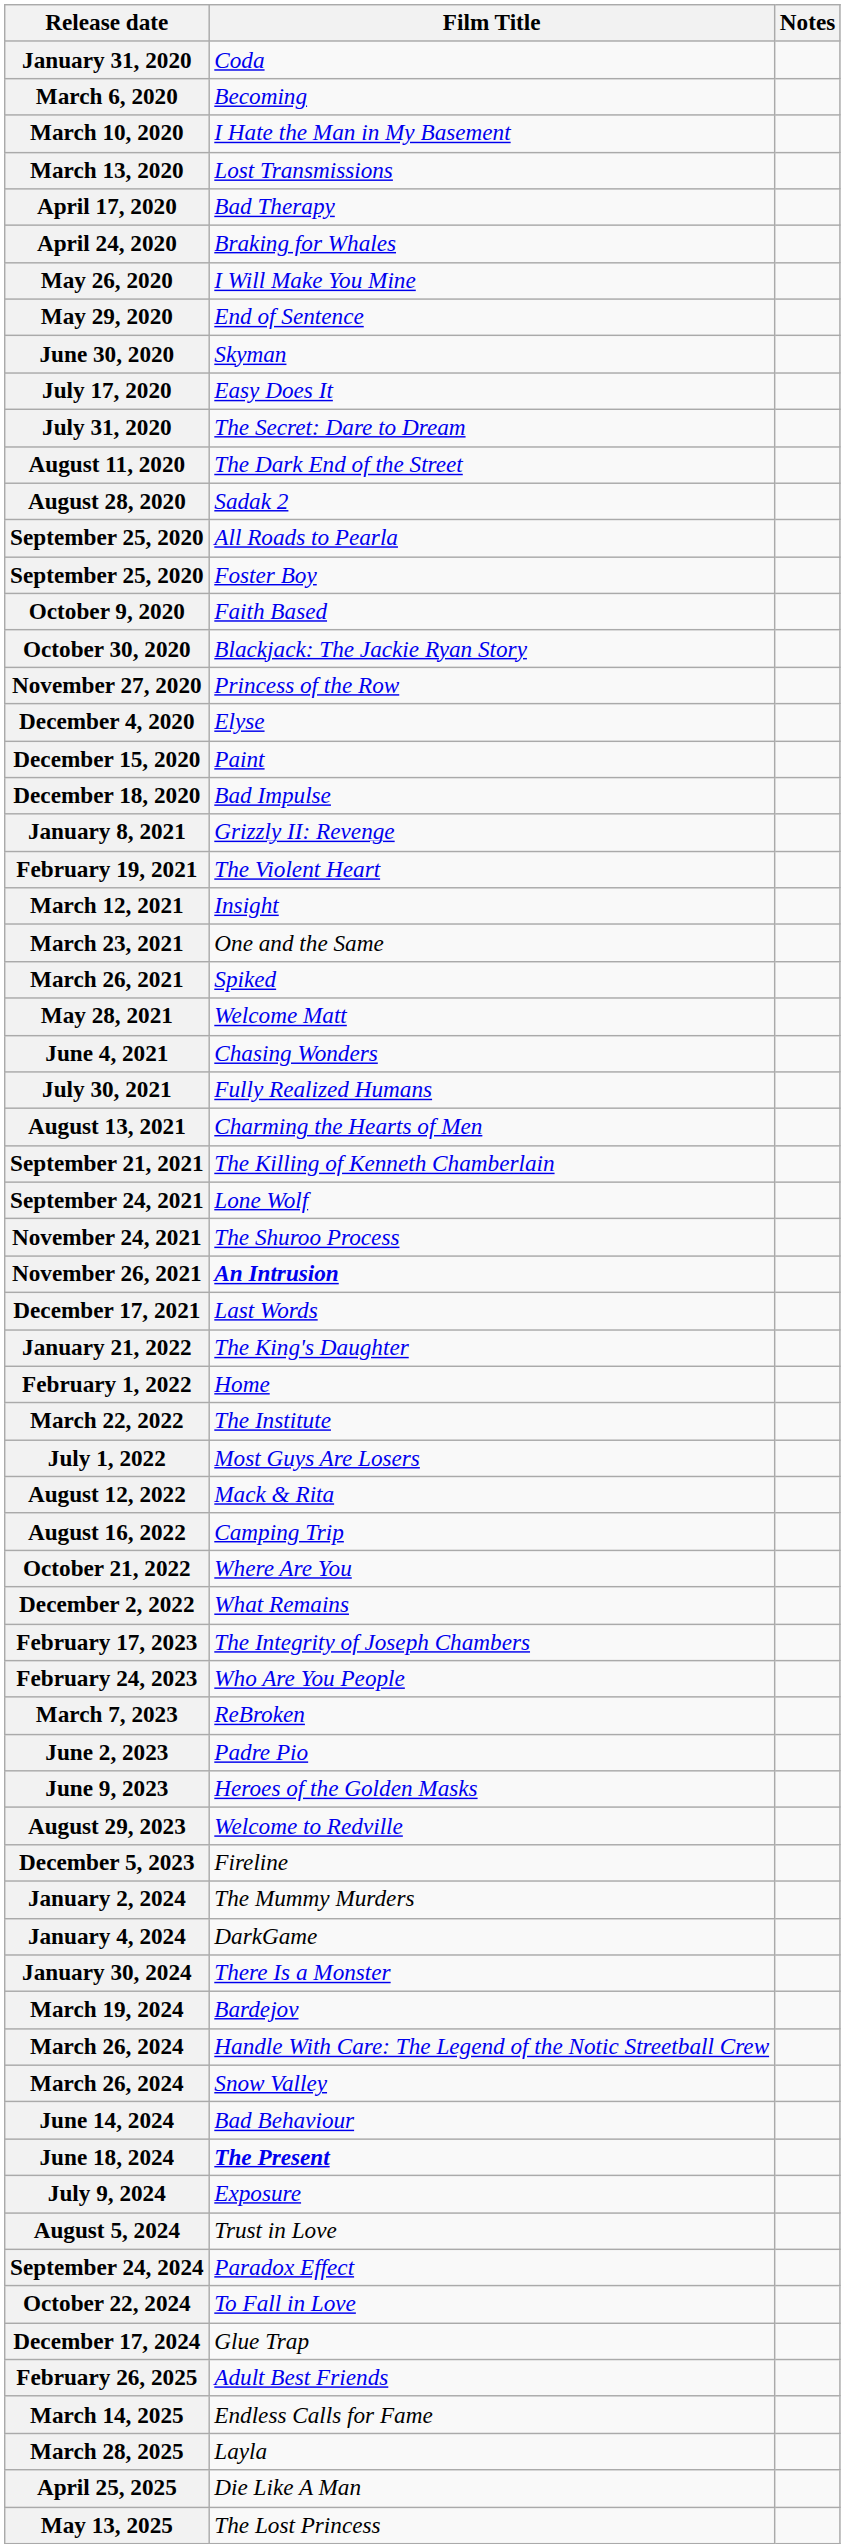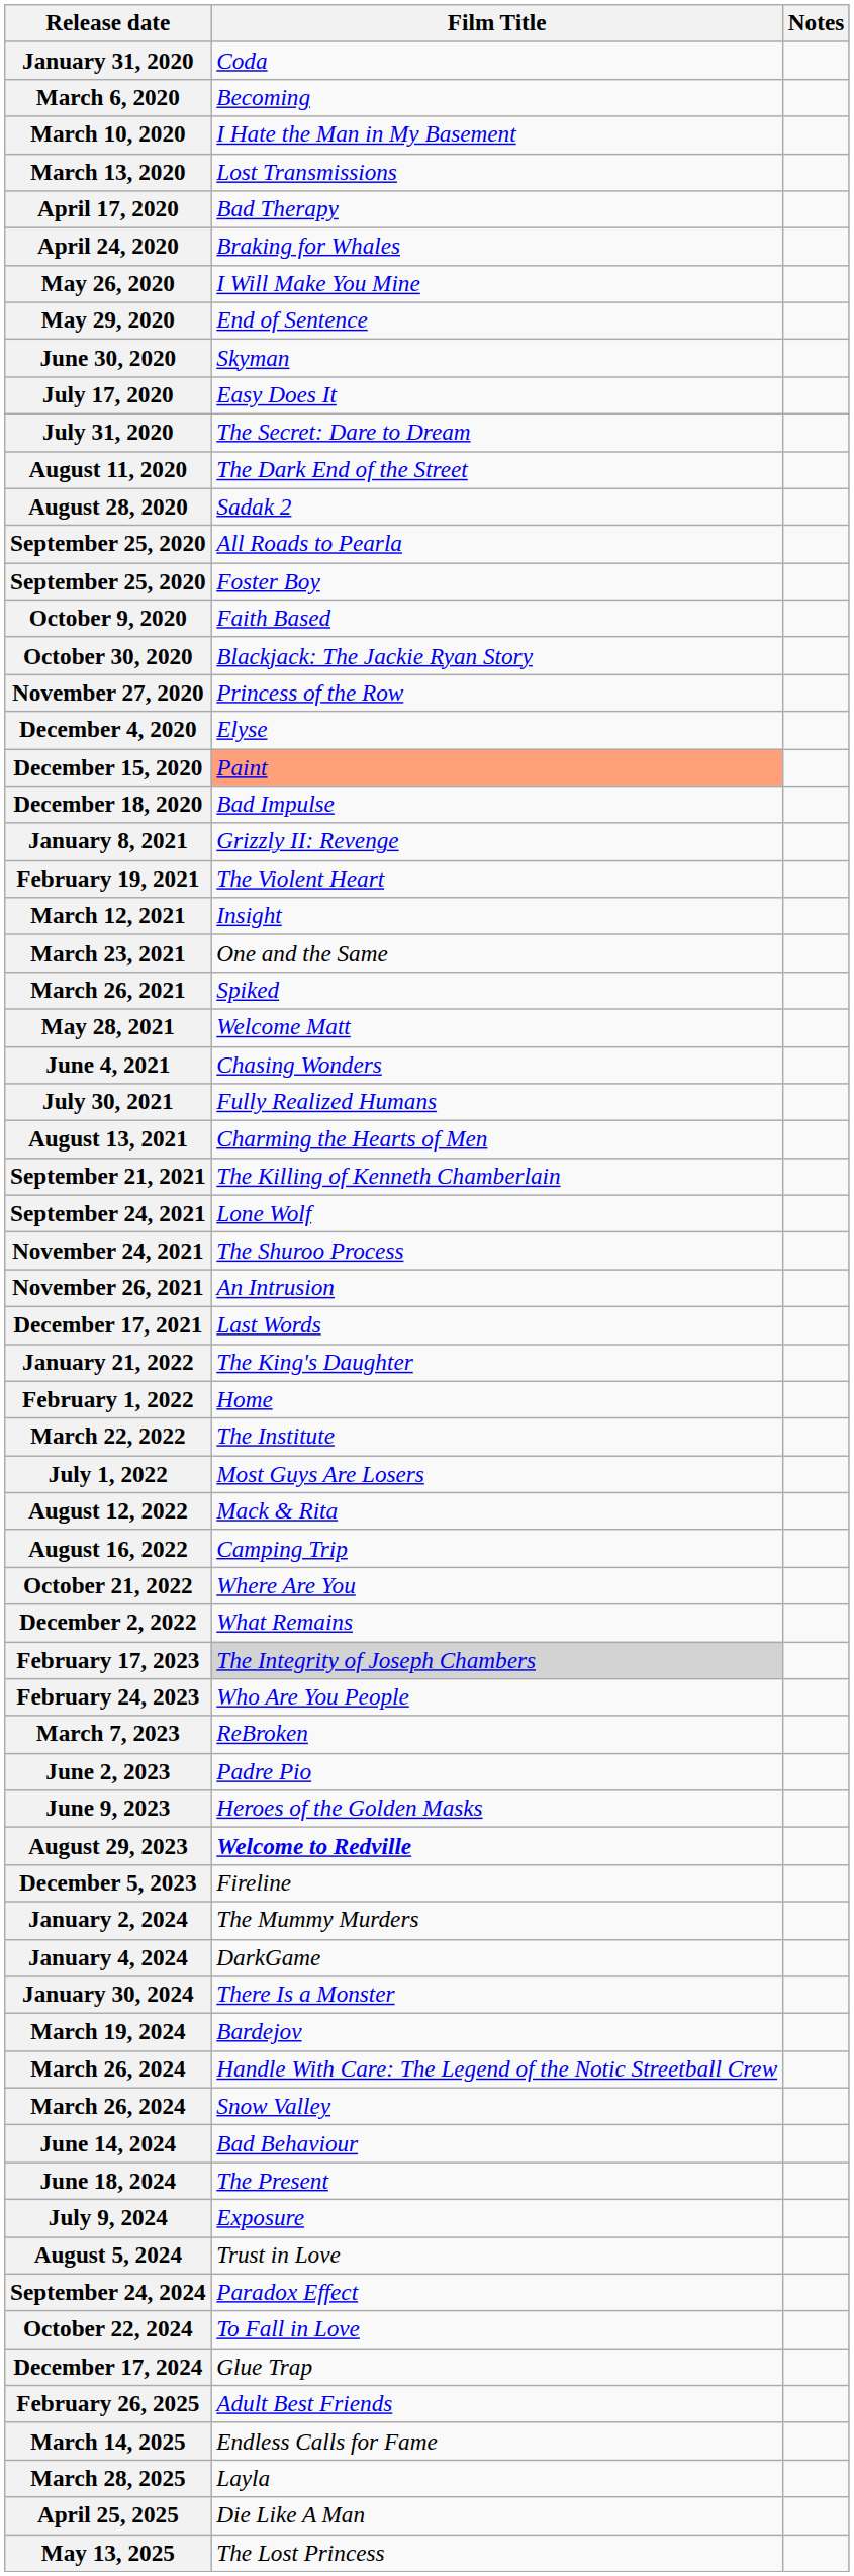 <table class="wikitable sortable">
 <tr>
 <th>Release date</th>
 <th>Film Title</th>
 <th>Notes</th>
 </tr>
 <tr>
 <th>January 31, 2020</th>
 <td><em><a href='#'>Coda</a></em></td>
 <td></td>
 </tr>
 <tr>
 <th>March 6, 2020</th>
 <td><em><a href='#'>Becoming</a></em></td>
 <td></td>
 </tr>
 <tr>
 <th>March 10, 2020</th>
 <td><em><a href='#'>I Hate the Man in My Basement</a></em></td>
 <td></td>
 </tr>
 <tr>
 <th>March 13, 2020</th>
 <td><em><a href='#'>Lost Transmissions</a></em></td>
 <td></td>
 </tr>
 <tr>
 <th>April 17, 2020</th>
 <td><em><a href='#'>Bad Therapy</a></em></td>
 <td></td>
 </tr>
 <tr>
 <th>April 24, 2020</th>
 <td><em><a href='#'>Braking for Whales</a></em></td>
 <td></td>
 </tr>
 <tr>
 <th>May 26, 2020</th>
 <td><em><a href='#'>I Will Make You Mine</a></em></td>
 <td></td>
 </tr>
 <tr>
 <th>May 29, 2020</th>
 <td><em><a href='#'>End of Sentence</a></em></td>
 <td></td>
 </tr>
 <tr>
 <th>June 30, 2020</th>
 <td><em><a href='#'>Skyman</a></em></td>
 <td></td>
 </tr>
 <tr>
 <th>July 17, 2020</th>
 <td><em><a href='#'>Easy Does It</a></em></td>
 <td></td>
 </tr>
 <tr>
 <th>July 31, 2020</th>
 <td><em><a href='#'>The Secret: Dare to Dream</a></em></td>
 <td></td>
 </tr>
 <tr>
 <th>August 11, 2020</th>
 <td><em><a href='#'>The Dark End of the Street</a></em></td>
 <td></td>
 </tr>
 <tr>
 <th>August 28, 2020</th>
 <td><em><a href='#'>Sadak 2</a></em></td>
 <td></td>
 </tr>
 <tr>
 <th>September 25, 2020</th>
 <td><em><a href='#'>All Roads to Pearla</a></em></td>
 <td></td>
 </tr>
 <tr>
 <th>September 25, 2020</th>
 <td><em><a href='#'>Foster Boy</a></em></td>
 <td></td>
 </tr>
 <tr>
 <th>October 9, 2020</th>
 <td><em><a href='#'>Faith Based</a></em></td>
 <td></td>
 </tr>
 <tr>
 <th>October 30, 2020</th>
 <td><em><a href='#'>Blackjack: The Jackie Ryan Story</a></em></td>
 <td></td>
 </tr>
 <tr>
 <th>November 27, 2020</th>
 <td><em><a href='#'>Princess of the Row</a></em></td>
 <td></td>
 </tr>
 <tr>
 <th>December 4, 2020</th>
 <td><em><a href='#'>Elyse</a></em></td>
 <td></td>
 </tr>
 <tr>
 <th>December 15, 2020</th>
-<td><em><a href='#'>Paint</a></em></td>
+<td style="background: lightsalmon;"><em><a href='#'>Paint</a></em></td>
 <td></td>
 </tr>
 <tr>
 <th>December 18, 2020</th>
 <td><em><a href='#'>Bad Impulse</a></em></td>
 <td></td>
 </tr>
 <tr>
 <th>January 8, 2021</th>
 <td><em><a href='#'>Grizzly II: Revenge</a></em></td>
 <td></td>
 </tr>
 <tr>
 <th>February 19, 2021</th>
 <td><em><a href='#'>The Violent Heart</a></em></td>
 <td></td>
 </tr>
 <tr>
 <th>March 12, 2021</th>
 <td><em><a href='#'>Insight</a></em></td>
 <td></td>
 </tr>
 <tr>
 <th>March 23, 2021</th>
 <td><em>One and the Same</em></td>
 <td></td>
 </tr>
 <tr>
 <th>March 26, 2021</th>
 <td><em><a href='#'>Spiked</a></em></td>
 <td></td>
 </tr>
 <tr>
 <th>May 28, 2021</th>
 <td><em><a href='#'>Welcome Matt</a></em></td>
 <td></td>
 </tr>
 <tr>
 <th>June 4, 2021</th>
 <td><em><a href='#'>Chasing Wonders</a></em></td>
 <td></td>
 </tr>
 <tr>
 <th>July 30, 2021</th>
 <td><em><a href='#'>Fully Realized Humans</a></em></td>
 <td></td>
 </tr>
 <tr>
 <th>August 13, 2021</th>
 <td><em><a href='#'>Charming the Hearts of Men</a></em></td>
 <td></td>
 </tr>
 <tr>
 <th>September 21, 2021</th>
 <td><em><a href='#'>The Killing of Kenneth Chamberlain</a></em></td>
 <td></td>
 </tr>
 <tr>
 <th>September 24, 2021</th>
 <td><em><a href='#'>Lone Wolf</a></em></td>
 <td></td>
 </tr>
 <tr>
 <th>November 24, 2021</th>
 <td><em><a href='#'>The Shuroo Process</a></em></td>
 <td></td>
 </tr>
 <tr>
 <th>November 26, 2021</th>
-<td><strong><em><a href='#'>An Intrusion</a></em></strong></td>
+<td><em><a href='#'>An Intrusion</a></em></td>
 <td></td>
 </tr>
 <tr>
 <th>December 17, 2021</th>
 <td><em><a href='#'>Last Words</a></em></td>
 <td></td>
 </tr>
 <tr>
 <th>January 21, 2022</th>
 <td><em><a href='#'>The King's Daughter</a></em></td>
 <td></td>
 </tr>
 <tr>
 <th>February 1, 2022</th>
 <td><em><a href='#'>Home</a></em></td>
 <td></td>
 </tr>
 <tr>
 <th>March 22, 2022</th>
 <td><em><a href='#'>The Institute</a></em></td>
 <td></td>
 </tr>
 <tr>
 <th>July 1, 2022</th>
 <td><em><a href='#'>Most Guys Are Losers</a></em></td>
 <td></td>
 </tr>
 <tr>
 <th>August 12, 2022</th>
 <td><em><a href='#'>Mack & Rita</a></em></td>
 <td></td>
 </tr>
 <tr>
 <th>August 16, 2022</th>
 <td><em><a href='#'>Camping Trip</a></em></td>
 <td></td>
 </tr>
 <tr>
 <th>October 21, 2022</th>
 <td><em><a href='#'>Where Are You</a></em></td>
 <td></td>
 </tr>
 <tr>
 <th>December 2, 2022</th>
 <td><em><a href='#'>What Remains</a></em></td>
 <td></td>
 </tr>
 <tr>
 <th>February 17, 2023</th>
-<td><em><a href='#'>The Integrity of Joseph Chambers</a></em></td>
+<td style="background: lightgrey;"><em><a href='#'>The Integrity of Joseph Chambers</a></em></td>
 <td></td>
 </tr>
 <tr>
 <th>February 24, 2023</th>
 <td><em><a href='#'>Who Are You People</a></em></td>
 <td></td>
 </tr>
 <tr>
 <th>March 7, 2023</th>
 <td><em><a href='#'>ReBroken</a></em></td>
 <td></td>
 </tr>
 <tr>
 <th>June 2, 2023</th>
 <td><em><a href='#'>Padre Pio</a></em></td>
 <td></td>
 </tr>
 <tr>
 <th>June 9, 2023</th>
 <td><em><a href='#'>Heroes of the Golden Masks</a></em></td>
 <td></td>
 </tr>
 <tr>
 <th>August 29, 2023</th>
-<td><em><a href='#'>Welcome to Redville</a></em></td>
+<td><strong><em><a href='#'>Welcome to Redville</a></em></strong></td>
 <td></td>
 </tr>
 <tr>
 <th>December 5, 2023</th>
 <td><em>Fireline</em></td>
 <td></td>
 </tr>
 <tr>
 <th>January 2, 2024</th>
 <td><em>The Mummy Murders</em></td>
 <td></td>
 </tr>
 <tr>
 <th>January 4, 2024</th>
 <td><em>DarkGame</em></td>
 <td></td>
 </tr>
 <tr>
 <th>January 30, 2024</th>
 <td><em><a href='#'>There Is a Monster</a></em></td>
 <td></td>
 </tr>
 <tr>
 <th>March 19, 2024</th>
 <td><em><a href='#'>Bardejov</a></em></td>
 <td></td>
 </tr>
 <tr>
 <th>March 26, 2024</th>
 <td><em><a href='#'>Handle With Care: The Legend of the Notic Streetball Crew</a></em></td>
 <td></td>
 </tr>
 <tr>
 <th>March 26, 2024</th>
 <td><em><a href='#'>Snow Valley</a></em></td>
 <td></td>
 </tr>
 <tr>
 <th>June 14, 2024</th>
 <td><em><a href='#'>Bad Behaviour</a></em></td>
 <td></td>
 </tr>
 <tr>
 <th>June 18, 2024</th>
-<td><strong><em><a href='#'>The Present</a></em></strong></td>
+<td><em><a href='#'>The Present</a></em></td>
 <td></td>
 </tr>
 <tr>
 <th>July 9, 2024</th>
 <td><em><a href='#'>Exposure</a></em></td>
 <td></td>
 </tr>
 <tr>
 <th>August 5, 2024</th>
 <td><em>Trust in Love</em></td>
 <td></td>
 </tr>
 <tr>
 <th>September 24, 2024</th>
 <td><em><a href='#'>Paradox Effect</a></em></td>
 <td></td>
 </tr>
 <tr>
 <th>October 22, 2024</th>
 <td><em><a href='#'>To Fall in Love</a></em></td>
 <td></td>
 </tr>
 <tr>
 <th>December 17, 2024</th>
 <td><em>Glue Trap</em></td>
 <td></td>
 </tr>
 <tr>
 <th>February 26, 2025</th>
 <td><em><a href='#'>Adult Best Friends</a></em></td>
 <td></td>
 </tr>
 <tr>
 <th>March 14, 2025</th>
 <td><em>Endless Calls for Fame</em></td>
 <td></td>
 </tr>
 <tr>
 <th>March 28, 2025</th>
 <td><em>Layla</em></td>
 <td></td>
 </tr>
 <tr>
 <th>April 25, 2025</th>
 <td><em>Die Like A Man</em></td>
 <td></td>
 </tr>
 <tr>
 <th>May 13, 2025</th>
 <td><em>The Lost Princess</em></td>
 <td></td>
 </tr>
 </table>
